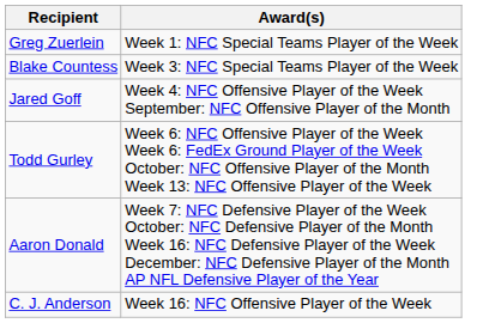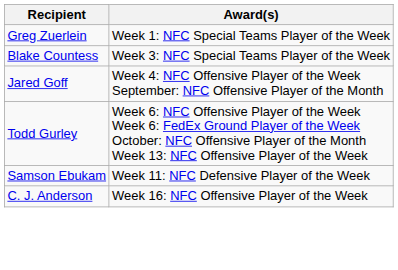 <table class="wikitable">
 <tr>
 <th>Recipient</th>
 <th>Award(s)</th>
 </tr>
 <tr>
 <td><a href='#'>Greg Zuerlein</a></td>
 <td>Week 1: <a href='#'>NFC</a> Special Teams Player of the Week</td>
 </tr>
 <tr>
 <td><a href='#'>Blake Countess</a></td>
 <td>Week 3: <a href='#'>NFC</a> Special Teams Player of the Week</td>
 </tr>
 <tr>
 <td><a href='#'>Jared Goff</a></td>
 <td>Week 4: <a href='#'>NFC</a> Offensive Player of the Week <br> September: <a href='#'>NFC</a> Offensive Player of the Month</td>
 </tr>
 <tr>
 <td><a href='#'>Todd Gurley</a></td>
 <td>Week 6: <a href='#'>NFC</a> Offensive Player of the Week <br> Week 6: <a href='#'>FedEx Ground Player of the Week</a> <br> October: <a href='#'>NFC</a> Offensive Player of the Month <br> Week 13: <a href='#'>NFC</a> Offensive Player of the Week</td>
 </tr>
 <tr>
-<td><a href='#'>Aaron Donald</a></td>
-<td>Week 7: <a href='#'>NFC</a> Defensive Player of the Week <br> October: <a href='#'>NFC</a> Defensive Player of the Month <br> Week 16: <a href='#'>NFC</a> Defensive Player of the Week <br> December: <a href='#'>NFC</a> Defensive Player of the Month <br> <a href='#'>AP NFL Defensive Player of the Year</a></td>
+<td><a href='#'>Samson Ebukam</a></td>
+<td>Week 11: <a href='#'>NFC</a> Defensive Player of the Week</td>
 </tr>
 <tr>
 <td><a href='#'>C. J. Anderson</a></td>
 <td>Week 16: <a href='#'>NFC</a> Offensive Player of the Week</td>
 </tr>
 </table>
